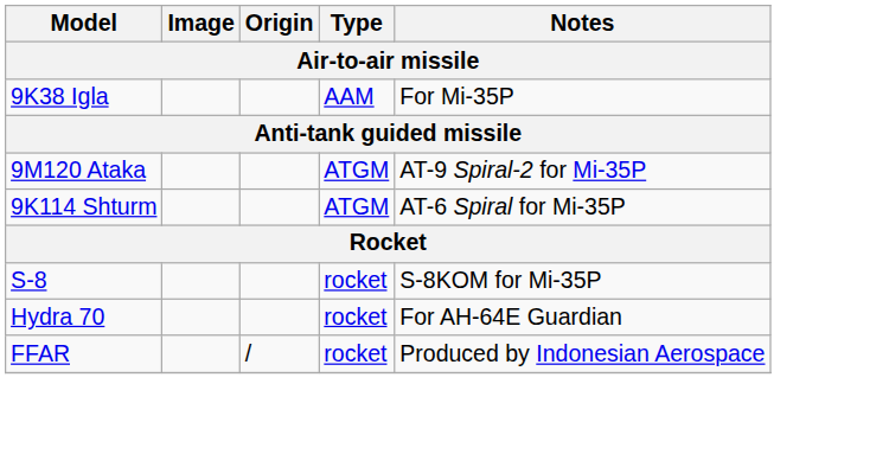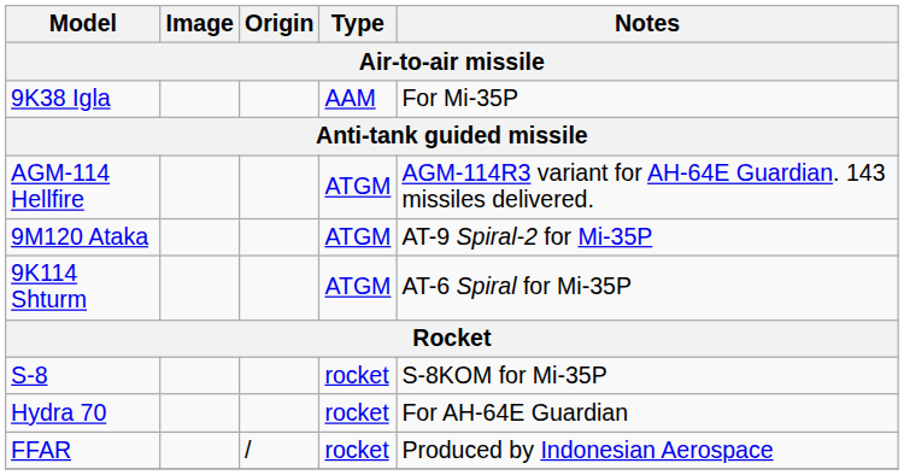 <table class="wikitable">
 <tr>
 <th>Model</th>
 <th>Image</th>
 <th>Origin</th>
 <th>Type</th>
 <th>Notes</th>
 </tr>
 <tr>
 <th colspan="5" style="align: centre;">Air-to-air missile</th>
 </tr>
 <tr>
 <td><a href='#'>9K38 Igla</a></td>
 <td></td>
 <td></td>
 <td><a href='#'>AAM</a></td>
 <td>For Mi-35P</td>
 </tr>
 <tr>
 <th colspan="5" style="align: centre;">Anti-tank guided missile</th>
+</tr>
+<tr>
+<td><a href='#'>AGM-114 Hellfire</a></td>
+<td></td>
+<td></td>
+<td><a href='#'>ATGM</a></td>
+<td><a href='#'>AGM-114R3</a> variant for <a href='#'>AH-64E Guardian</a>. 143 missiles delivered.<br></td>
 </tr>
 <tr>
 <td><a href='#'>9M120 Ataka</a></td>
 <td></td>
 <td></td>
 <td><a href='#'>ATGM</a></td>
 <td>AT-9 <em>Spiral-2</em> for <a href='#'>Mi-35P</a></td>
 </tr>
 <tr>
 <td><a href='#'>9K114 Shturm</a></td>
 <td></td>
 <td></td>
 <td><a href='#'>ATGM</a></td>
 <td>AT-6 <em>Spiral</em> for Mi-35P</td>
 </tr>
 <tr>
 <th colspan="5" style="align: centre;">Rocket</th>
 </tr>
 <tr>
 <td><a href='#'>S-8</a></td>
 <td></td>
 <td></td>
 <td><a href='#'>rocket</a></td>
 <td>S-8KOM for Mi-35P</td>
 </tr>
 <tr>
 <td><a href='#'>Hydra 70</a></td>
 <td></td>
 <td></td>
 <td><a href='#'>rocket</a></td>
 <td>For AH-64E Guardian</td>
 </tr>
 <tr>
 <td><a href='#'>FFAR</a></td>
 <td></td>
 <td> / </td>
 <td><a href='#'>rocket</a></td>
 <td>Produced by <a href='#'>Indonesian Aerospace</a></td>
 </tr>
 <tr>
 </tr>
 </table>
